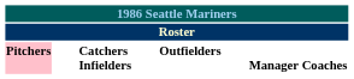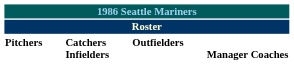 <table class="toccolours" style="font-size: 95%;">
 <tr>
 <th colspan="10" style="background-color: #005c5c;color:#9ECEEE; text-align: center;">1986 Seattle Mariners</th>
 </tr>
 <tr>
 <td colspan="10" style="background-color: #003366; color: #FFFDD0; text-align: center;"><strong>Roster</strong></td>
 </tr>
 <tr>
-<td valign="top" style="background: pink;"><strong>Pitchers</strong><br>                </td>
+<td valign="top"><strong>Pitchers</strong><br>                </td>
 <td width="25px"></td>
 <td valign="top"><strong>Catchers</strong><br>    <strong>Infielders</strong>         </td>
 <td width="25px"></td>
 <td valign="top"><strong>Outfielders</strong><br>         </td>
 <td width="25px"></td>
 <td valign="top"><br><strong>Manager</strong>    <strong>Coaches</strong>     </td>
 </tr>
 </table>
